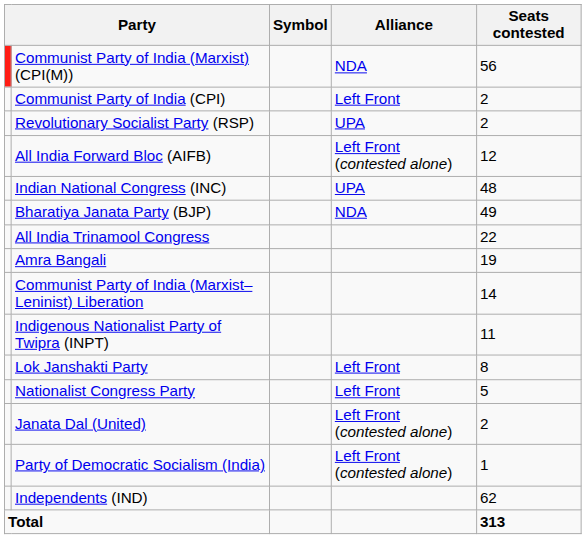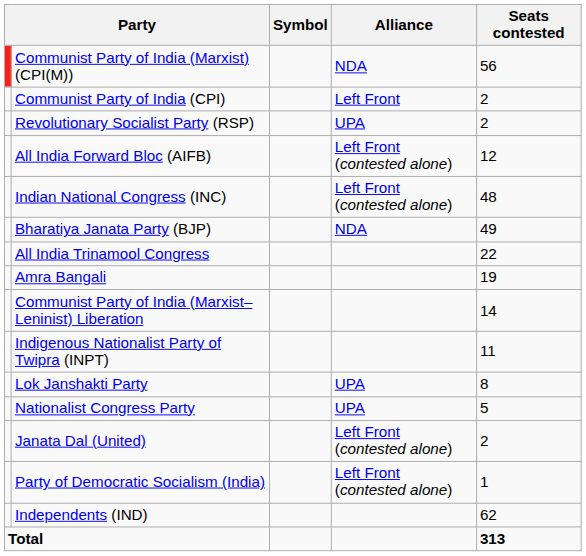 <table class="wikitable">
 <tr>
 <th colspan="2">Party</th>
 <th>Symbol</th>
 <th>Alliance</th>
 <th>Seats contested</th>
 </tr>
 <tr>
 <td bgcolor=#FF1D15></td>
 <td><a href='#'>Communist Party of India (Marxist)</a> (CPI(M))</td>
 <td></td>
 <td><a href='#'>NDA</a></td>
 <td>56</td>
 </tr>
 <tr>
 <td></td>
 <td><a href='#'>Communist Party of India</a> (CPI)</td>
 <td></td>
 <td><a href='#'>Left Front</a></td>
 <td>2</td>
 </tr>
 <tr>
 <td></td>
 <td><a href='#'>Revolutionary Socialist Party</a> (RSP)</td>
 <td></td>
 <td><a href='#'>UPA</a></td>
 <td>2</td>
 </tr>
 <tr>
 <td></td>
 <td><a href='#'>All India Forward Bloc</a> (AIFB)</td>
 <td></td>
 <td><a href='#'>Left Front</a> (<em>contested alone</em>)</td>
 <td>12</td>
 </tr>
 <tr>
 <td></td>
 <td><a href='#'>Indian National Congress</a> (INC)</td>
 <td></td>
-<td><a href='#'>UPA</a></td>
+<td><a href='#'>Left Front</a> (<em>contested alone</em>)</td>
 <td>48</td>
 </tr>
 <tr>
 <td></td>
 <td><a href='#'>Bharatiya Janata Party</a> (BJP)</td>
 <td></td>
 <td><a href='#'>NDA</a></td>
 <td>49</td>
 </tr>
 <tr>
 <td></td>
 <td><a href='#'>All India Trinamool Congress</a></td>
 <td></td>
 <td></td>
 <td>22</td>
 </tr>
 <tr>
 <td></td>
 <td><a href='#'>Amra Bangali</a></td>
 <td></td>
 <td></td>
 <td>19</td>
 </tr>
 <tr>
 <td></td>
 <td><a href='#'>Communist Party of India (Marxist–Leninist) Liberation</a></td>
 <td></td>
 <td></td>
 <td>14</td>
 </tr>
 <tr>
 <td></td>
 <td><a href='#'>Indigenous Nationalist Party of Twipra</a> (INPT)</td>
 <td></td>
 <td></td>
 <td>11</td>
 </tr>
 <tr>
 <td></td>
 <td><a href='#'>Lok Janshakti Party</a></td>
 <td></td>
-<td><a href='#'>Left Front</a></td>
+<td><a href='#'>UPA</a></td>
 <td>8</td>
 </tr>
 <tr>
 <td></td>
 <td><a href='#'>Nationalist Congress Party</a></td>
 <td></td>
-<td><a href='#'>Left Front</a></td>
+<td><a href='#'>UPA</a></td>
 <td>5</td>
 </tr>
 <tr>
 <td></td>
 <td><a href='#'>Janata Dal (United)</a></td>
 <td></td>
 <td><a href='#'>Left Front</a> (<em>contested alone</em>)</td>
 <td>2</td>
 </tr>
 <tr>
 <td></td>
 <td><a href='#'>Party of Democratic Socialism (India)</a></td>
 <td></td>
 <td><a href='#'>Left Front</a> (<em>contested alone</em>)</td>
 <td>1</td>
 </tr>
 <tr>
 <td></td>
 <td><a href='#'>Independents</a> (IND)</td>
 <td></td>
 <td></td>
 <td>62</td>
 </tr>
 <tr>
 <td colspan="2"><strong>Total</strong></td>
 <td></td>
 <td></td>
 <td><strong>313</strong></td>
 </tr>
 </table>
